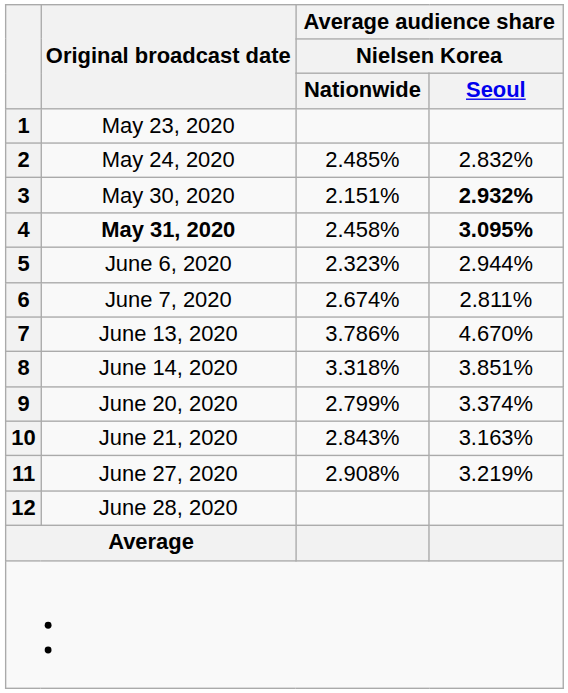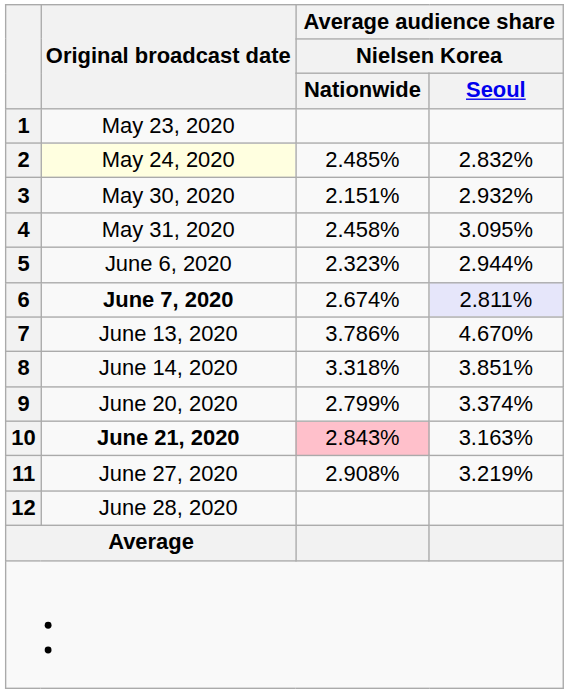 <table class="wikitable" style="text-align:center;max-width:450px; margin-left: auto; margin-right: auto; border: none;">
 <tr>
 </tr>
 <tr>
 <th rowspan="3"></th>
 <th rowspan="3">Original broadcast date</th>
 <th colspan="2">Average audience share</th>
 </tr>
 <tr>
 <th colspan="2">Nielsen Korea</th>
 </tr>
 <tr>
 <th width="90">Nationwide</th>
 <th width="90"><a href='#'>Seoul</a></th>
 </tr>
 <tr>
 <th>1</th>
 <td>May 23, 2020</td>
 <td></td>
 <td></td>
 </tr>
 <tr>
 <th>2</th>
-<td>May 24, 2020</td>
+<td style="background: lightyellow;">May 24, 2020</td>
 <td>2.485%</td>
 <td>2.832%</td>
 </tr>
 <tr>
 <th>3</th>
 <td>May 30, 2020</td>
 <td>2.151%</td>
-<td><strong>2.932%</strong></td>
+<td>2.932%</td>
 </tr>
 <tr>
 <th>4</th>
-<td><strong>May 31, 2020</strong></td>
+<td>May 31, 2020</td>
 <td>2.458%</td>
-<td><strong>3.095%</strong></td>
+<td>3.095%</td>
 </tr>
 <tr>
 <th>5</th>
 <td>June 6, 2020</td>
 <td>2.323%</td>
 <td>2.944%</td>
 </tr>
 <tr>
 <th>6</th>
-<td>June 7, 2020</td>
+<td><strong>June 7, 2020</strong></td>
 <td>2.674%</td>
-<td>2.811%</td>
+<td style="background: lavender;">2.811%</td>
 </tr>
 <tr>
 <th>7</th>
 <td>June 13, 2020</td>
 <td>3.786%</td>
 <td>4.670%</td>
 </tr>
 <tr>
 <th>8</th>
 <td>June 14, 2020</td>
 <td>3.318%</td>
 <td>3.851%</td>
 </tr>
 <tr>
 <th>9</th>
 <td>June 20, 2020</td>
 <td>2.799%</td>
 <td>3.374%</td>
 </tr>
 <tr>
 <th>10</th>
-<td>June 21, 2020</td>
-<td>2.843%</td>
+<td><strong>June 21, 2020</strong></td>
+<td style="background: pink;">2.843%</td>
 <td>3.163%</td>
 </tr>
 <tr>
 <th>11</th>
 <td>June 27, 2020</td>
 <td>2.908%</td>
 <td>3.219%</td>
 </tr>
 <tr>
 <th>12</th>
 <td>June 28, 2020</td>
 <td></td>
 <td></td>
 </tr>
 <tr>
 <th colspan="2">Average</th>
 <th></th>
 <th></th>
 </tr>
 <tr>
 <td colspan="6"><br><ul><li></li><li></li></ul></td>
 </tr>
 </table>
